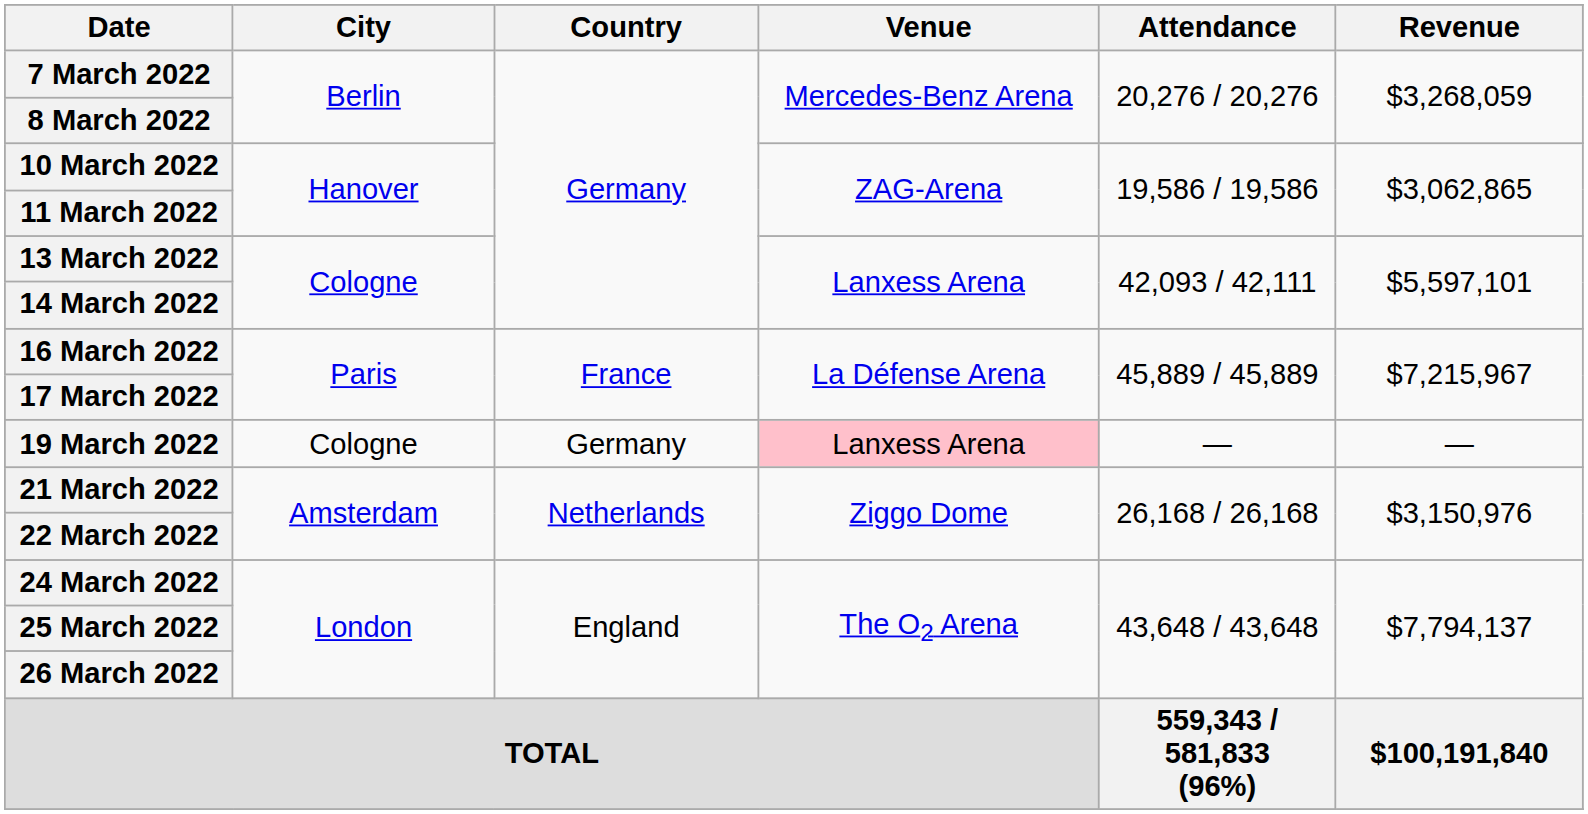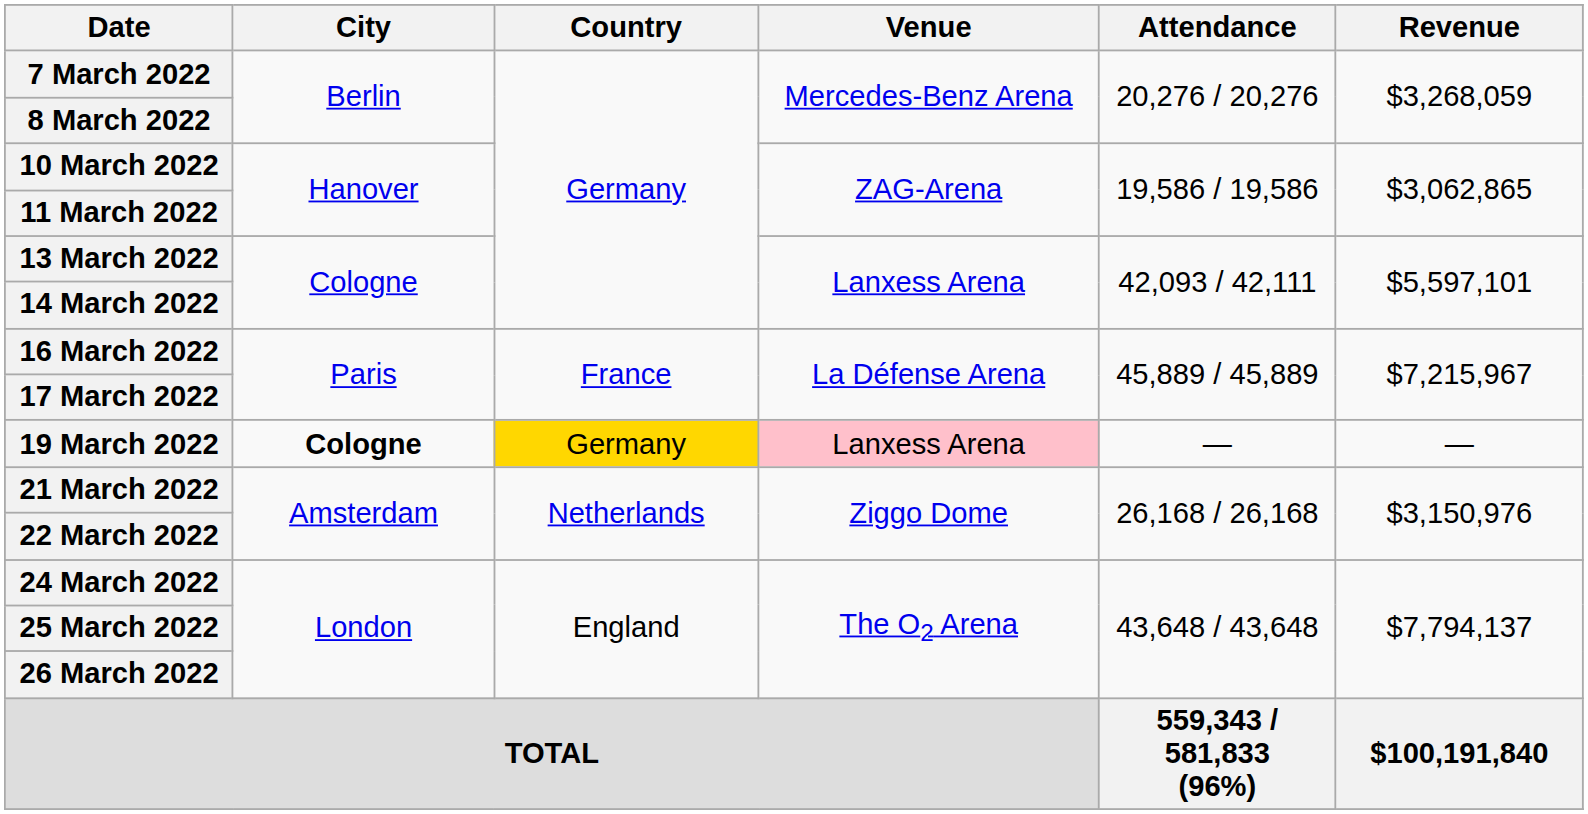 <table class="wikitable plainrowheaders" style="text-align:center;">
 <tr>
 <th scope="col" style="width:12em;">Date</th>
 <th scope="col" style="width:12em;">City</th>
 <th scope="col" style="width:12em;">Country</th>
 <th scope="col" style="width:18em;">Venue</th>
 <th scope="col" style="width:10em;">Attendance</th>
 <th scope="col" style="width:10em;">Revenue</th>
 </tr>
 <tr>
 <th scope="row">7 March 2022</th>
 <td rowspan="2"><a href='#'>Berlin</a></td>
 <td rowspan="6"><a href='#'>Germany</a></td>
 <td rowspan="2"><a href='#'>Mercedes-Benz Arena</a></td>
 <td rowspan="2">20,276 / 20,276</td>
 <td rowspan="2">$3,268,059</td>
 </tr>
 <tr>
 <th scope="row">8 March 2022</th>
 </tr>
 <tr>
 <th scope="row">10 March 2022</th>
 <td rowspan="2"><a href='#'>Hanover</a></td>
 <td rowspan="2"><a href='#'>ZAG-Arena</a></td>
 <td rowspan="2">19,586 / 19,586</td>
 <td rowspan="2">$3,062,865</td>
 </tr>
 <tr>
 <th scope="row">11 March 2022</th>
 </tr>
 <tr>
 <th scope="row">13 March 2022</th>
 <td rowspan="2"><a href='#'>Cologne</a></td>
 <td rowspan="2"><a href='#'>Lanxess Arena</a></td>
 <td rowspan="2">42,093 / 42,111</td>
 <td rowspan="2">$5,597,101</td>
 </tr>
 <tr>
 <th scope="row">14 March 2022</th>
 </tr>
 <tr>
 <th scope="row">16 March 2022</th>
 <td rowspan="2"><a href='#'>Paris</a></td>
 <td rowspan="2"><a href='#'>France</a></td>
 <td rowspan="2"><a href='#'>La Défense Arena</a></td>
 <td rowspan="2">45,889 / 45,889</td>
 <td rowspan="2">$7,215,967</td>
 </tr>
 <tr>
 <th scope="row">17 March 2022</th>
 </tr>
 <tr>
 <th scope="row">19 March 2022</th>
-<td>Cologne</td>
-<td>Germany</td>
+<td><strong>Cologne</strong></td>
+<td style="background: gold;">Germany</td>
 <td style="background: pink;">Lanxess Arena</td>
 <td>—</td>
 <td>—</td>
 </tr>
 <tr>
 <th scope="row">21 March 2022</th>
 <td rowspan="2"><a href='#'>Amsterdam</a></td>
 <td rowspan="2"><a href='#'>Netherlands</a></td>
 <td rowspan="2"><a href='#'>Ziggo Dome</a></td>
 <td rowspan="2">26,168 / 26,168</td>
 <td rowspan="2">$3,150,976</td>
 </tr>
 <tr>
 <th scope="row">22 March 2022</th>
 </tr>
 <tr>
 <th scope="row">24 March 2022</th>
 <td rowspan="3"><a href='#'>London</a></td>
 <td rowspan="3">England</td>
 <td rowspan="3"><a href='#'>The O<sub>2</sub> Arena</a></td>
 <td rowspan="3">43,648 / 43,648</td>
 <td rowspan="3">$7,794,137</td>
 </tr>
 <tr>
 <th scope="row">25 March 2022</th>
 </tr>
 <tr>
 <th scope="row">26 March 2022</th>
 </tr>
 <tr>
 <th colspan="4" style="background:#ddd;">TOTAL</th>
 <th>559,343 / 581,833 <br> (96%)</th>
 <th>$100,191,840</th>
 </tr>
 <tr>
 </tr>
 </table>
